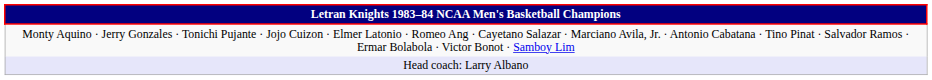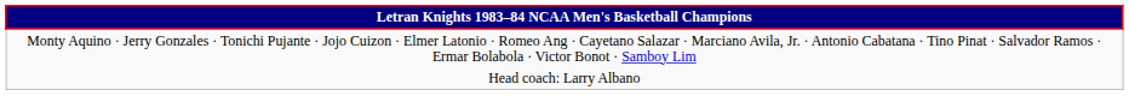 <table class="wikitable" style="text-align: center">
 <tr>
 <th style = "background:#020080; border:2px solid red; color:white">Letran Knights 1983–84 NCAA Men's Basketball Champions</th>
 </tr>
 <tr>
 <td style="border-style: none none none none;">Monty Aquino · Jerry Gonzales · Tonichi Pujante · Jojo Cuizon · Elmer Latonio · Romeo Ang · Cayetano Salazar · Marciano Avila, Jr. · Antonio Cabatana · Tino Pinat · Salvador Ramos · Ermar Bolabola · Victor Bonot · <a href='#'>Samboy Lim</a></td>
 </tr>
 <tr>
-<td style="background: lavender; border-style: none none none none;">Head coach: Larry Albano</td>
+<td style="border-style: none none none none;">Head coach: Larry Albano</td>
 </tr>
 </table>
